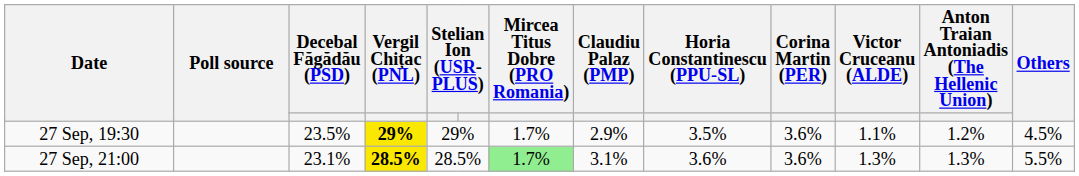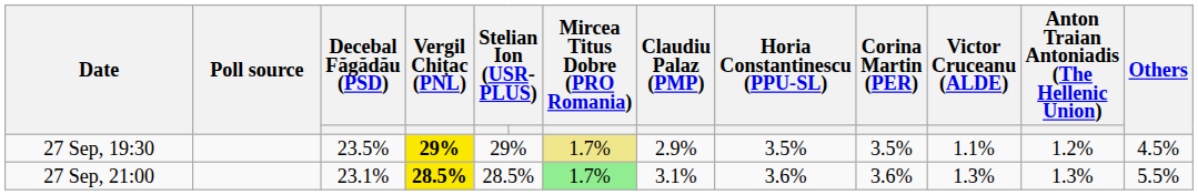 <table class="wikitable sortable" style="text-align:center;font-size:95%;line-height:14px;">
 <tr style="background:lightgrey;">
 <th rowspan="2" style="width:135px;">Date</th>
 <th style="width:90px;" rowspan = "2">Poll source</th>
 <th style="width:45px;" class="unsortable">Decebal Făgădău (<a href='#'>PSD</a>)</th>
 <th style="width:45px;" class="unsortable">Vergil Chițac (<a href='#'>PNL</a>)</th>
 <th style="width:45px;" colspan="2" class="unsortable">Stelian Ion (<a href='#'>USR</a>-<a href='#'>PLUS</a>)</th>
 <th style="width:45px;" class="unsortable">Mircea Titus Dobre (<a href='#'>PRO Romania</a>)</th>
 <th style="width:45px;" class="unsortable">Claudiu Palaz (<a href='#'>PMP</a>)</th>
 <th style="width:45px;" class="unsortable">Horia Constantinescu (<a href='#'>PPU-SL</a>)</th>
 <th style="width:45px;" class="unsortable">Corina Martin (<a href='#'>PER</a>)</th>
 <th style="width:45px;" class="unsortable">Victor Cruceanu (<a href='#'>ALDE</a>)</th>
 <th style="width:45px;" class="unsortable">Anton Traian Antoniadis (<a href='#'>The Hellenic Union</a>)</th>
 <th style="width:45px;" rowspan="2" class="unsortable"><a href='#'>Others</a></th>
 </tr>
 <tr>
 <th style="background:"></th>
 <th style="background:"></th>
 <th style="background:"></th>
 <th style="background:"></th>
 <th style="background-color:"></th>
 <th style="background:"></th>
 <th style="background:"></th>
 <th style="background:"></th>
 <th style="background:"></th>
 <th></th>
 </tr>
 <tr>
 <td>27 Sep, 19:30</td>
 <td></td>
 <td>23.5%</td>
 <td style="background:#FAE800"><strong>29%</strong></td>
 <td colspan=2>29%</td>
-<td>1.7%</td>
+<td style="background: khaki;">1.7%</td>
 <td>2.9%</td>
 <td>3.5%</td>
-<td>3.6%</td>
+<td>3.5%</td>
 <td>1.1%</td>
 <td>1.2%</td>
 <td>4.5%</td>
 </tr>
 <tr>
 <td>27 Sep, 21:00</td>
 <td></td>
 <td>23.1%</td>
 <td style="background:#FAE800"><strong>28.5%</strong></td>
 <td colspan=2>28.5%</td>
 <td style="background: lightgreen;">1.7%</td>
 <td>3.1%</td>
 <td>3.6%</td>
 <td>3.6%</td>
 <td>1.3%</td>
 <td>1.3%</td>
 <td>5.5%</td>
 </tr>
 </table>
